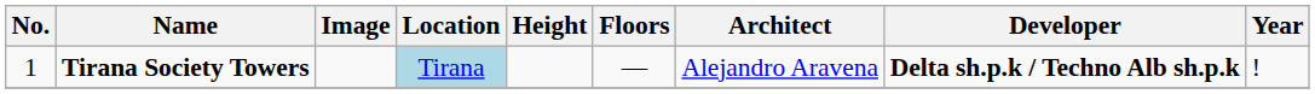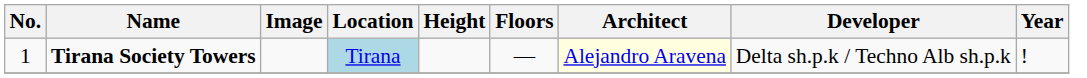 <table class="wikitable sortable">
 <tr>
 <th>No.</th>
 <th>Name</th>
 <th>Image</th>
 <th>Location</th>
 <th>Height</th>
 <th>Floors</th>
 <th>Architect</th>
 <th>Developer</th>
 <th>Year</th>
 </tr>
 <tr>
 <td style="text-align:center;">1</td>
 <td><strong>Tirana Society Towers</strong></td>
 <td style="text-align:center;"></td>
 <td style="background: lightblue; text-align:center;"><a href='#'>Tirana</a><br><small><em></em></small></td>
 <td style="text-align:center;"></td>
 <td style="text-align:center;">—</td>
-<td style="text-align:center;"><a href='#'>Alejandro Aravena</a></td>
-<td style="text-align:center;"><strong>Delta sh.p.k / Techno Alb sh.p.k</strong></td>
+<td style="background: lightyellow; text-align:center;"><a href='#'>Alejandro Aravena</a></td>
+<td style="text-align:center;">Delta sh.p.k / Techno Alb sh.p.k</td>
 <td>! </td>
 </tr>
 <tr>
 </tr>
 </table>
